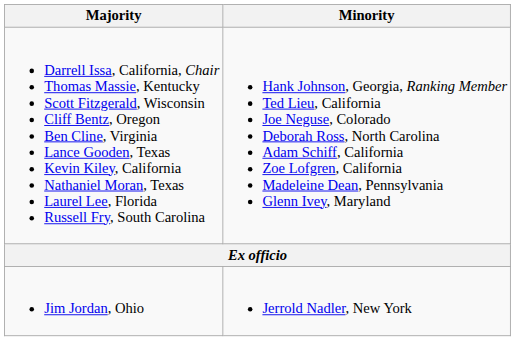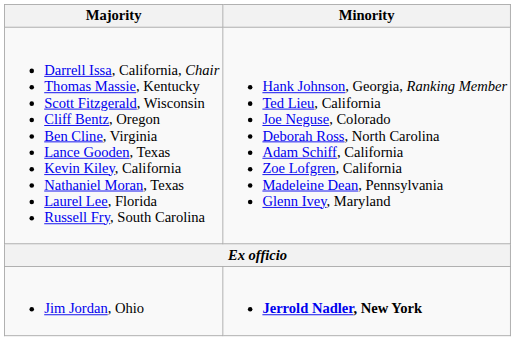 <table class=wikitable>
 <tr>
 <th>Majority</th>
 <th>Minority</th>
 </tr>
 <tr>
 <td><br><ul><li><a href='#'>Darrell Issa</a>, California, <em>Chair</em></li><li><a href='#'>Thomas Massie</a>, Kentucky</li><li><a href='#'>Scott Fitzgerald</a>, Wisconsin</li><li><a href='#'>Cliff Bentz</a>, Oregon</li><li><a href='#'>Ben Cline</a>, Virginia</li><li><a href='#'>Lance Gooden</a>, Texas</li><li><a href='#'>Kevin Kiley</a>, California</li><li><a href='#'>Nathaniel Moran</a>, Texas</li><li><a href='#'>Laurel Lee</a>, Florida</li><li><a href='#'>Russell Fry</a>, South Carolina</li></ul></td>
 <td><br><ul><li><a href='#'>Hank Johnson</a>, Georgia, <em>Ranking Member</em></li><li><a href='#'>Ted Lieu</a>, California</li><li><a href='#'>Joe Neguse</a>, Colorado</li><li><a href='#'>Deborah Ross</a>, North Carolina</li><li><a href='#'>Adam Schiff</a>, California</li><li><a href='#'>Zoe Lofgren</a>, California</li><li><a href='#'>Madeleine Dean</a>, Pennsylvania</li><li><a href='#'>Glenn Ivey</a>, Maryland</li></ul></td>
 </tr>
 <tr>
 <th colspan=2><em>Ex officio</em></th>
 </tr>
 <tr>
 <td><br><ul><li><a href='#'>Jim Jordan</a>, Ohio</li></ul></td>
-<td><br><ul><li><a href='#'>Jerrold Nadler</a>, New York</li></ul></td>
+<td><strong><br><ul><li><a href='#'>Jerrold Nadler</a>, New York</li></ul></strong></td>
 </tr>
 </table>
